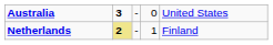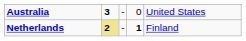 <table class="wikitable">
 <tr>
 <td width=150> <strong><a href='#'>Australia</a></strong></td>
 <td style="width:20px; text-align:left;"><strong>3</strong></td>
 <td>-</td>
 <td style="width:20px; text-align:right;">0</td>
 <td width=150> <a href='#'>United States</a></td>
 </tr>
 <tr>
 <td> <strong><a href='#'>Netherlands</a></strong></td>
 <td style="background: khaki; text-align:left;"><strong>2</strong></td>
 <td>-</td>
-<td style="text-align:right;">1</td>
+<td style="text-align:right;"><strong>1</strong></td>
 <td> <a href='#'>Finland</a></td>
 </tr>
 </table>
